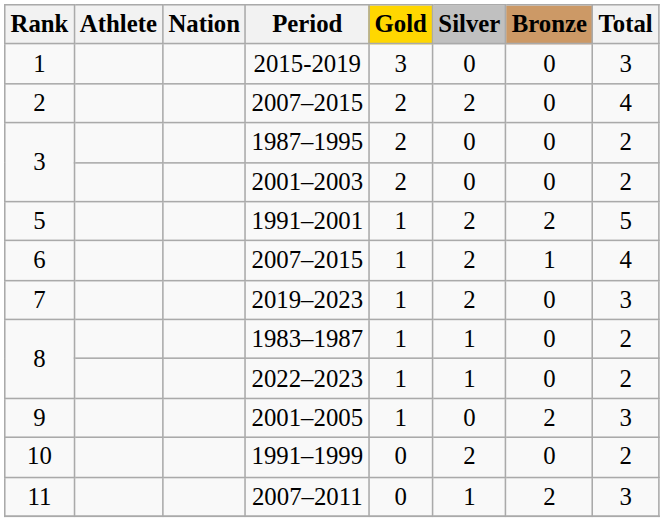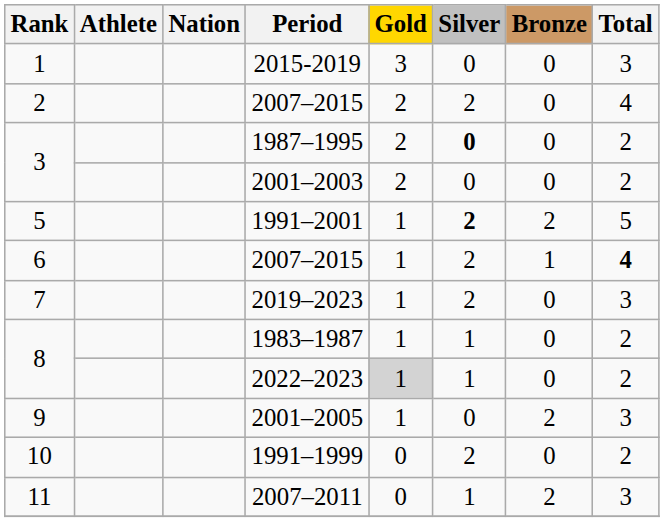 <table class="wikitable sortable" style="text-align:center">
 <tr>
 <th class="unsortable">Rank</th>
 <th>Athlete</th>
 <th>Nation</th>
 <th>Period</th>
 <th style="background-color:gold">Gold</th>
 <th style="background-color:silver">Silver</th>
 <th style="background-color:#cc9966">Bronze</th>
 <th>Total</th>
 </tr>
 <tr>
 <td>1</td>
 <td align=left></td>
 <td align=left><br></td>
 <td>2015-2019</td>
 <td>3</td>
 <td>0</td>
 <td>0</td>
 <td>3</td>
 </tr>
 <tr>
 <td>2</td>
 <td align=left></td>
 <td align=left></td>
 <td>2007–2015</td>
 <td>2</td>
 <td>2</td>
 <td>0</td>
 <td>4</td>
 </tr>
 <tr>
 <td rowspan=2>3</td>
 <td align=left></td>
 <td align=left></td>
 <td>1987–1995</td>
 <td>2</td>
-<td>0</td>
+<td><strong>0</strong></td>
 <td>0</td>
 <td>2</td>
 </tr>
 <tr>
 <td align=left></td>
 <td align=left></td>
 <td>2001–2003</td>
 <td>2</td>
 <td>0</td>
 <td>0</td>
 <td>2</td>
 </tr>
 <tr>
 <td>5</td>
 <td align=left></td>
 <td align=left><br></td>
 <td>1991–2001</td>
 <td>1</td>
-<td>2</td>
+<td><strong>2</strong></td>
 <td>2</td>
 <td>5</td>
 </tr>
 <tr>
 <td>6</td>
 <td align="left"></td>
 <td align=left></td>
 <td>2007–2015</td>
 <td>1</td>
 <td>2</td>
 <td>1</td>
-<td>4</td>
+<td><strong>4</strong></td>
 </tr>
 <tr>
 <td>7</td>
 <td align=left></td>
 <td align=left></td>
 <td>2019–2023</td>
 <td>1</td>
 <td>2</td>
 <td>0</td>
 <td>3</td>
 </tr>
 <tr>
 <td rowspan=2>8</td>
 <td align=left></td>
 <td align=left></td>
 <td>1983–1987</td>
 <td>1</td>
 <td>1</td>
 <td>0</td>
 <td>2</td>
 </tr>
 <tr>
 <td align=left></td>
 <td align=left></td>
 <td>2022–2023</td>
-<td>1</td>
+<td style="background: lightgrey;">1</td>
 <td>1</td>
 <td>0</td>
 <td>2</td>
 </tr>
 <tr>
 <td>9</td>
 <td align=left></td>
 <td align=left></td>
 <td>2001–2005</td>
 <td>1</td>
 <td>0</td>
 <td>2</td>
 <td>3</td>
 </tr>
 <tr>
 <td>10</td>
 <td align=left></td>
 <td align=left><br></td>
 <td>1991–1999</td>
 <td>0</td>
 <td>2</td>
 <td>0</td>
 <td>2</td>
 </tr>
 <tr>
 <td>11</td>
 <td align=left></td>
 <td align=left></td>
 <td>2007–2011</td>
 <td>0</td>
 <td>1</td>
 <td>2</td>
 <td>3</td>
 </tr>
 <tr>
 </tr>
 </table>
